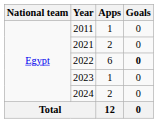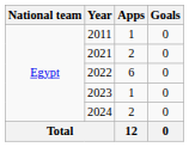 <table class="wikitable" style="text-align:center">
 <tr>
 <th>National team</th>
 <th>Year</th>
 <th>Apps</th>
 <th>Goals</th>
 </tr>
 <tr>
 <td rowspan="5"><a href='#'>Egypt</a></td>
 <td>2011</td>
 <td>1</td>
 <td>0</td>
 </tr>
 <tr>
 <td>2021</td>
 <td>2</td>
 <td>0</td>
 </tr>
 <tr>
 <td>2022</td>
 <td>6</td>
-<td><strong>0</strong></td>
+<td>0</td>
 </tr>
 <tr>
 <td>2023</td>
 <td>1</td>
 <td>0</td>
 </tr>
 <tr>
 <td>2024</td>
 <td>2</td>
 <td>0</td>
 </tr>
 <tr>
 <th colspan="2">Total</th>
 <th>12</th>
 <th>0</th>
 </tr>
 </table>
